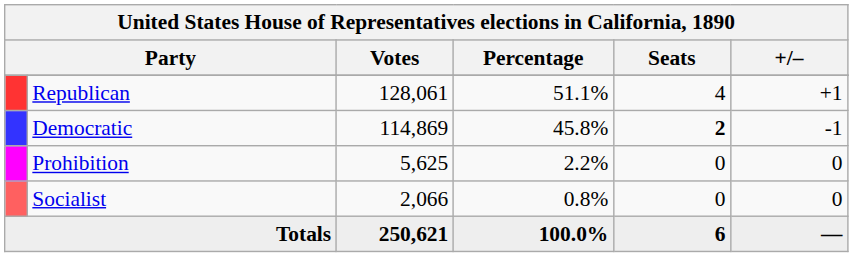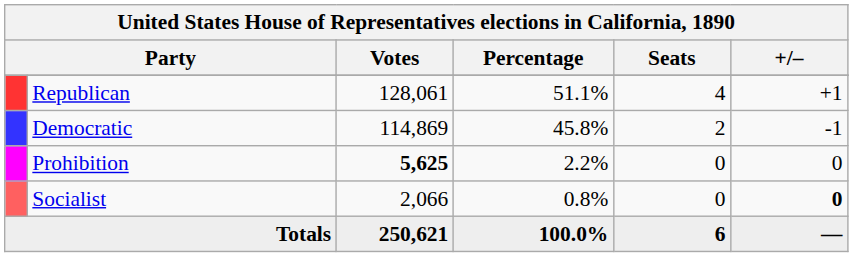 <table class="wikitable" style="font-size: 95%;">
 <tr>
 <th colspan="6">United States House of Representatives elections in California, 1890</th>
 </tr>
 <tr>
 <th colspan=2 style="width: 15em">Party</th>
 <th style="width: 5em">Votes</th>
 <th style="width: 7em">Percentage</th>
 <th style="width: 5em">Seats</th>
 <th style="width: 5em">+/–</th>
 </tr>
 <tr>
 </tr>
 <tr>
 <th style="background-color:#FF3333; width: 3px"></th>
 <td style="width: 130px"><a href='#'>Republican</a></td>
 <td style="text-align:right;">128,061</td>
 <td style="text-align:right;">51.1%</td>
 <td style="text-align:right;">4</td>
 <td style="text-align:right;">+1</td>
 </tr>
 <tr>
 <th style="background-color:#3333FF; width: 3px"></th>
 <td style="width: 130px"><a href='#'>Democratic</a></td>
 <td style="text-align:right;">114,869</td>
 <td style="text-align:right;">45.8%</td>
-<td style="text-align:right;"><strong>2</strong></td>
+<td style="text-align:right;">2</td>
 <td style="text-align:right;">-1</td>
 </tr>
 <tr>
 <th style="background-color:#FF00FF; width: 3px"></th>
 <td style="width: 130px"><a href='#'>Prohibition</a></td>
-<td style="text-align:right;">5,625</td>
+<td style="text-align:right;"><strong>5,625</strong></td>
 <td style="text-align:right;">2.2%</td>
 <td style="text-align:right;">0</td>
 <td style="text-align:right;">0</td>
 </tr>
 <tr>
 <th style="background-color:#FF6060; width: 3px"></th>
 <td style="width: 130px"><a href='#'>Socialist</a></td>
 <td style="text-align:right;">2,066</td>
 <td style="text-align:right;">0.8%</td>
 <td style="text-align:right;">0</td>
-<td style="text-align:right;">0</td>
+<td style="text-align:right;"><strong>0</strong></td>
 </tr>
 <tr style="background-color:#EEEEEE;">
 <td colspan="2" align="right"><strong>Totals</strong></td>
 <td style="text-align:right;"><strong>250,621</strong></td>
 <td style="text-align:right;"><strong>100.0%</strong></td>
 <td style="text-align:right;"><strong>6</strong></td>
 <td style="text-align:right;"><strong>—</strong></td>
 </tr>
 </table>
